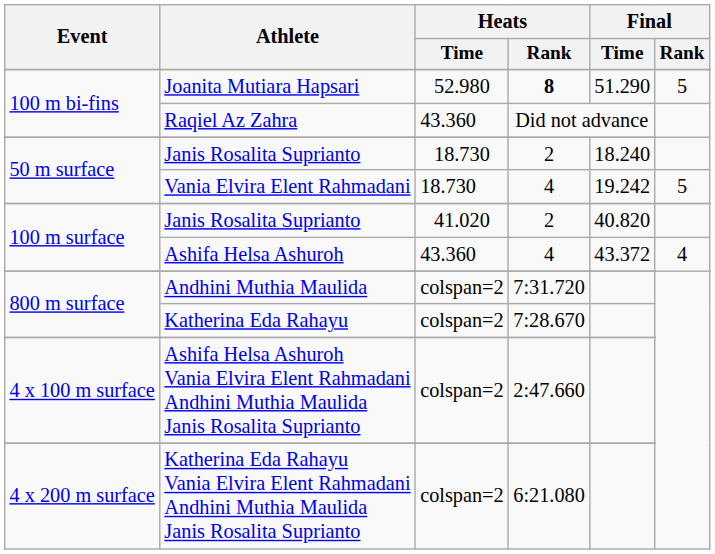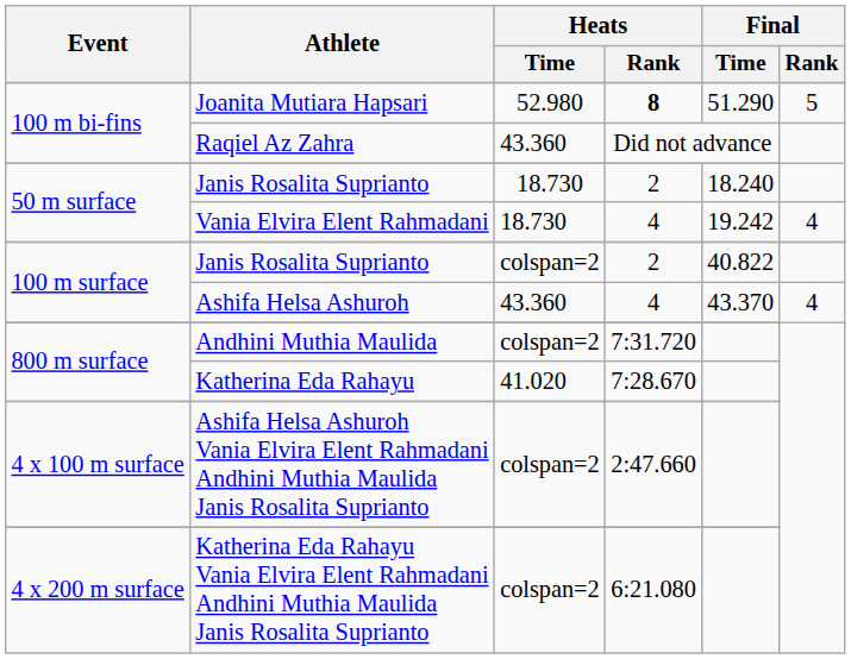 <table class=wikitable style="font-size:90%">
 <tr>
 <th rowspan="2">Event</th>
 <th rowspan="2">Athlete</th>
 <th colspan="2">Heats</th>
 <th colspan="2">Final</th>
 </tr>
 <tr style="font-size:95%">
 <th>Time</th>
 <th>Rank</th>
 <th>Time</th>
 <th>Rank</th>
 </tr>
 <tr>
 </tr>
 <tr align=center>
 <td align="left" rowspan=2><a href='#'>100 m bi-fins</a></td>
 <td align=left><a href='#'>Joanita Mutiara Hapsari</a></td>
 <td>52.980</td>
 <td><strong>8</strong></td>
 <td>51.290</td>
 <td>5</td>
 </tr>
 <tr>
 <td align=left><a href='#'>Raqiel Az Zahra</a></td>
 <td>43.360</td>
 <td colspan=2 align=center>Did not advance</td>
 </tr>
 <tr>
 </tr>
 <tr align=center>
 <td align="left" rowspan=2><a href='#'>50 m surface</a></td>
 <td align=left><a href='#'>Janis Rosalita Suprianto</a></td>
 <td>18.730</td>
 <td>2</td>
 <td>18.240</td>
 <td></td>
 </tr>
 <tr>
 <td align=left><a href='#'>Vania Elvira Elent Rahmadani</a></td>
 <td>18.730</td>
 <td align=center>4</td>
 <td align=center>19.242</td>
-<td align=center>5</td>
+<td align=center>4</td>
 </tr>
 <tr>
 </tr>
 <tr align=center>
 <td align="left" rowspan=2><a href='#'>100 m surface</a></td>
 <td align=left><a href='#'>Janis Rosalita Suprianto</a></td>
-<td>41.020</td>
+<td>colspan=2 </td>
 <td>2</td>
-<td>40.820</td>
+<td>40.822</td>
 <td></td>
 </tr>
 <tr>
 <td align=left><a href='#'>Ashifa Helsa Ashuroh</a></td>
 <td>43.360</td>
 <td align=center>4</td>
-<td align=center>43.372</td>
+<td align=center>43.370</td>
 <td align=center>4</td>
 </tr>
 <tr>
 </tr>
 <tr align=center>
 <td align="left" rowspan=2><a href='#'>800 m surface</a></td>
 <td align=left><a href='#'>Andhini Muthia Maulida</a></td>
 <td>colspan=2 </td>
 <td align=center>7:31.720</td>
 <td></td>
 </tr>
 <tr>
 <td align=left><a href='#'>Katherina Eda Rahayu</a></td>
-<td>colspan=2 </td>
+<td>41.020</td>
 <td>7:28.670</td>
 <td align=center></td>
 </tr>
 <tr>
 </tr>
 <tr align=center>
 <td align="left"><a href='#'>4 x 100 m surface</a></td>
 <td align=left><a href='#'>Ashifa Helsa Ashuroh</a><br><a href='#'>Vania Elvira Elent Rahmadani</a><br> <a href='#'>Andhini Muthia Maulida</a><br><a href='#'>Janis Rosalita Suprianto</a></td>
 <td>colspan=2 </td>
 <td>2:47.660</td>
 <td></td>
 </tr>
 <tr>
 </tr>
 <tr align=center>
 <td align="left"><a href='#'>4 x 200 m surface</a></td>
 <td align=left><a href='#'>Katherina Eda Rahayu</a><br><a href='#'>Vania Elvira Elent Rahmadani</a><br> <a href='#'>Andhini Muthia Maulida</a><br><a href='#'>Janis Rosalita Suprianto</a></td>
 <td>colspan=2 </td>
 <td>6:21.080</td>
 <td></td>
 </tr>
 </table>
